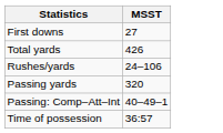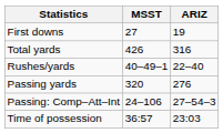 <table class="wikitable" style="float: left;">
 <tr>
 <th>Statistics</th>
 <th>MSST</th>
+<th>ARIZ</th>
 </tr>
 <tr>
 <td>First downs</td>
 <td>27</td>
+<td>19</td>
 </tr>
 <tr>
 <td>Total yards</td>
 <td>426</td>
+<td>316</td>
 </tr>
 <tr>
 <td>Rushes/yards</td>
-<td>24–106</td>
+<td>40–49–1</td>
+<td>22–40</td>
 </tr>
 <tr>
 <td>Passing yards</td>
 <td>320</td>
+<td>276</td>
 </tr>
 <tr>
 <td>Passing: Comp–Att–Int</td>
-<td>40–49–1</td>
+<td>24–106</td>
+<td>27–54–3</td>
 </tr>
 <tr>
 <td>Time of possession</td>
 <td>36:57</td>
+<td>23:03</td>
 </tr>
 </table>
